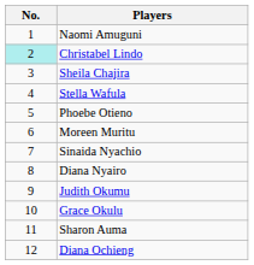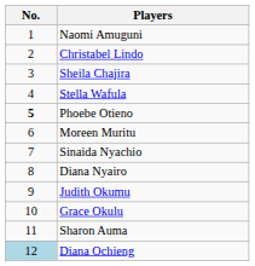 <table class="wikitable" style="text-align: center; width:25%">
 <tr>
 <th>No.</th>
 <th>Players</th>
 </tr>
 <tr>
 <td>1</td>
 <td align=left>Naomi Amuguni</td>
 </tr>
 <tr>
-<td style="background: paleturquoise;">2</td>
+<td>2</td>
 <td align=left><a href='#'>Christabel Lindo</a></td>
 </tr>
 <tr>
 <td>3</td>
 <td align=left><a href='#'>Sheila Chajira</a></td>
 </tr>
 <tr>
 <td>4</td>
 <td align=left><a href='#'>Stella Wafula</a></td>
 </tr>
 <tr>
-<td>5</td>
+<td><strong>5</strong></td>
 <td align=left>Phoebe Otieno</td>
 </tr>
 <tr>
 <td>6</td>
 <td align=left>Moreen Muritu</td>
 </tr>
 <tr>
 <td>7</td>
 <td align=left>Sinaida Nyachio</td>
 </tr>
 <tr>
 <td>8</td>
 <td align=left>Diana Nyairo</td>
 </tr>
 <tr>
 <td>9</td>
 <td align=left><a href='#'>Judith Okumu</a></td>
 </tr>
 <tr>
 <td>10</td>
 <td align=left><a href='#'>Grace Okulu</a></td>
 </tr>
 <tr>
 <td>11</td>
 <td align=left>Sharon Auma</td>
 </tr>
 <tr>
-<td>12</td>
+<td style="background: lightblue;">12</td>
 <td align=left><a href='#'>Diana Ochieng</a></td>
 </tr>
 </table>
